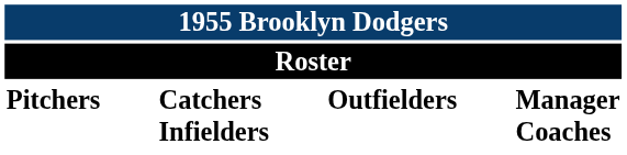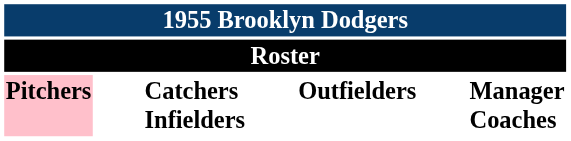 <table class="toccolours" style="font-size: 95%;">
 <tr>
 <th colspan="10" style="background-color: #083c6b; color: white; text-align: center;">1955 Brooklyn Dodgers</th>
 </tr>
 <tr>
 <td colspan="10" style="background-color: black; color: white; text-align: center;"><strong>Roster</strong></td>
 </tr>
 <tr>
-<td valign="top"><strong>Pitchers</strong><br>                </td>
+<td valign="top" style="background: pink;"><strong>Pitchers</strong><br>                </td>
 <td width="25px"></td>
 <td valign="top"><strong>Catchers</strong><br>   <strong>Infielders</strong>       </td>
 <td width="25px"></td>
 <td valign="top"><strong>Outfielders</strong><br>      </td>
 <td width="25px"></td>
 <td valign="top"><strong>Manager</strong><br> <strong>Coaches</strong>   </td>
 </tr>
 </table>
